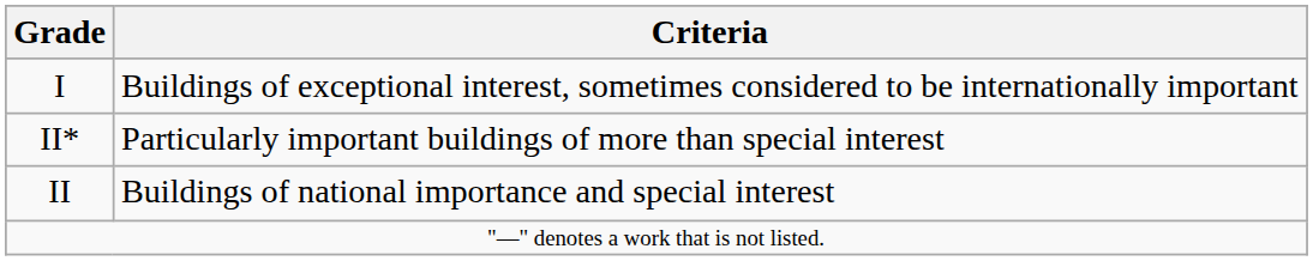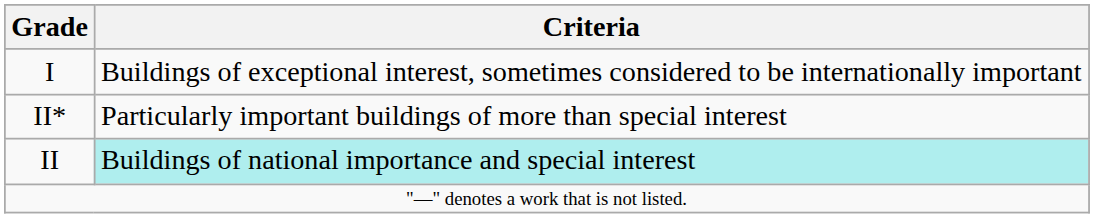 <table class="wikitable" border="1">
 <tr>
 <th>Grade</th>
 <th>Criteria</th>
 </tr>
 <tr>
 <td align="center" >I</td>
 <td>Buildings of exceptional interest, sometimes considered to be internationally important</td>
 </tr>
 <tr>
 <td align="center" >II*</td>
 <td>Particularly important buildings of more than special interest</td>
 </tr>
 <tr>
 <td align="center" >II</td>
-<td>Buildings of national importance and special interest</td>
+<td style="background: paleturquoise;">Buildings of national importance and special interest</td>
 </tr>
 <tr>
 <td align="center" colspan="14" style="font-size: 8pt">"—" denotes a work that is not listed.</td>
 </tr>
 </table>
